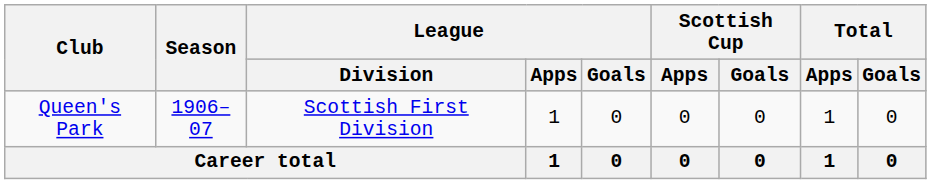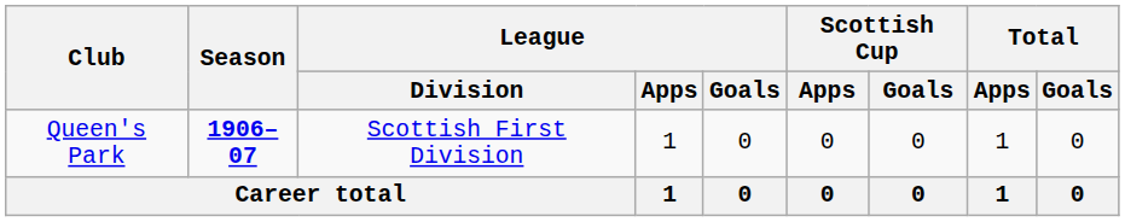 <table class="wikitable" style="text-align: center;">
 <tr>
 <th rowspan="2">Club</th>
 <th rowspan="2">Season</th>
 <th colspan="3">League</th>
 <th colspan="2">Scottish Cup</th>
 <th colspan="2">Total</th>
 </tr>
 <tr>
 <th>Division</th>
 <th>Apps</th>
 <th>Goals</th>
 <th>Apps</th>
 <th>Goals</th>
 <th>Apps</th>
 <th>Goals</th>
 </tr>
 <tr>
 <td><a href='#'>Queen's Park</a></td>
-<td><a href='#'>1906–07</a></td>
+<td><strong><a href='#'>1906–07</a></strong></td>
 <td><a href='#'>Scottish First Division</a></td>
 <td>1</td>
 <td>0</td>
 <td>0</td>
 <td>0</td>
 <td>1</td>
 <td>0</td>
 </tr>
 <tr>
 <th colspan="3">Career total</th>
 <th>1</th>
 <th>0</th>
 <th>0</th>
 <th>0</th>
 <th>1</th>
 <th>0</th>
 </tr>
 </table>
